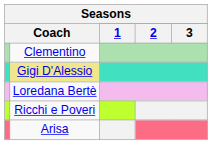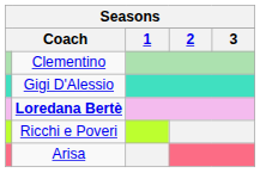 <table class="wikitable" style="text-align:center">
 <tr>
 <th colspan="5">Seasons</th>
 </tr>
 <tr>
 <th rowspan="2" colspan="2">Coach</th>
 </tr>
 <tr>
 <th width="40"><a href='#'>1</a></th>
 <th width="40"><a href='#'>2</a></th>
 <th width="40">3</th>
 </tr>
 <tr>
 <td style="background:#ace1af"></td>
 <td><a href='#'>Clementino</a></td>
 <td colspan="3" style="background:#ace1af"></td>
 </tr>
 <tr>
 <td style="background:#40e0c0"></td>
-<td style="background: khaki;"><a href='#'>Gigi D'Alessio</a></td>
+<td><a href='#'>Gigi D'Alessio</a></td>
 <td colspan="3" style="background:#40e0c0"></td>
 </tr>
 <tr>
 <td style="background:#f4bbee"></td>
-<td><a href='#'>Loredana Bertè</a></td>
+<td><strong><a href='#'>Loredana Bertè</a></strong></td>
 <td colspan="3" style="background:#f4bbee"></td>
 </tr>
 <tr>
 <td style="background:#bdff2f"></td>
 <td><a href='#'>Ricchi e Poveri</a></td>
 <td style="background:#bdff2f"></td>
 <th colspan="2"></th>
 </tr>
 <tr>
 <td style="background:#FC6C85"></td>
 <td><a href='#'>Arisa</a></td>
 <th></th>
 <td colspan="2" style="background:#FC6C85"></td>
 </tr>
 </table>
